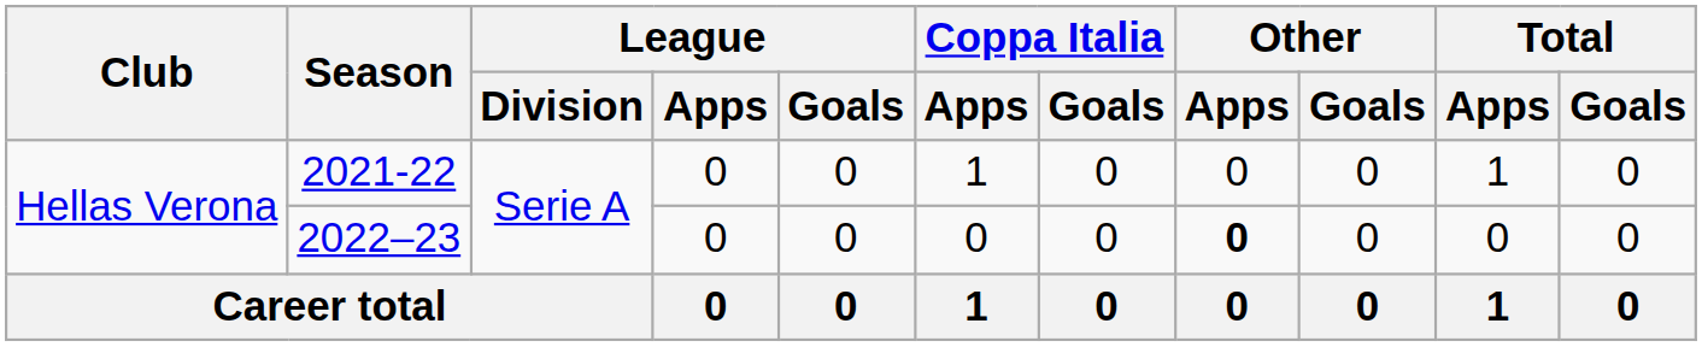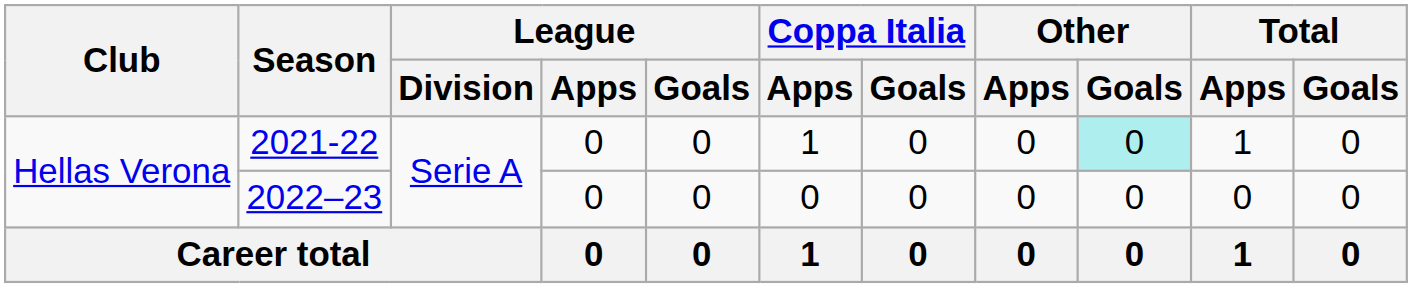 <table class="wikitable" style="text-align: center;">
 <tr>
 <th rowspan="2">Club</th>
 <th rowspan="2">Season</th>
 <th colspan="3">League</th>
 <th colspan="2"><a href='#'>Coppa Italia</a></th>
 <th colspan="2">Other</th>
 <th colspan="2">Total</th>
 </tr>
 <tr>
 <th>Division</th>
 <th>Apps</th>
 <th>Goals</th>
 <th>Apps</th>
 <th>Goals</th>
 <th>Apps</th>
 <th>Goals</th>
 <th>Apps</th>
 <th>Goals</th>
 </tr>
 <tr>
 <td rowspan="2"><a href='#'>Hellas Verona</a></td>
 <td><a href='#'>2021-22</a></td>
 <td rowspan="2"><a href='#'>Serie A</a></td>
 <td>0</td>
 <td>0</td>
 <td>1</td>
 <td>0</td>
 <td>0</td>
-<td>0</td>
+<td style="background: paleturquoise;">0</td>
 <td>1</td>
 <td>0</td>
 </tr>
 <tr>
 <td><a href='#'>2022–23</a></td>
 <td>0</td>
 <td>0</td>
 <td>0</td>
 <td>0</td>
-<td><strong>0</strong></td>
+<td>0</td>
 <td>0</td>
 <td>0</td>
 <td>0</td>
 </tr>
 <tr>
 <th colspan="3">Career total</th>
 <th>0</th>
 <th>0</th>
 <th>1</th>
 <th>0</th>
 <th>0</th>
 <th>0</th>
 <th>1</th>
 <th>0</th>
 </tr>
 </table>
